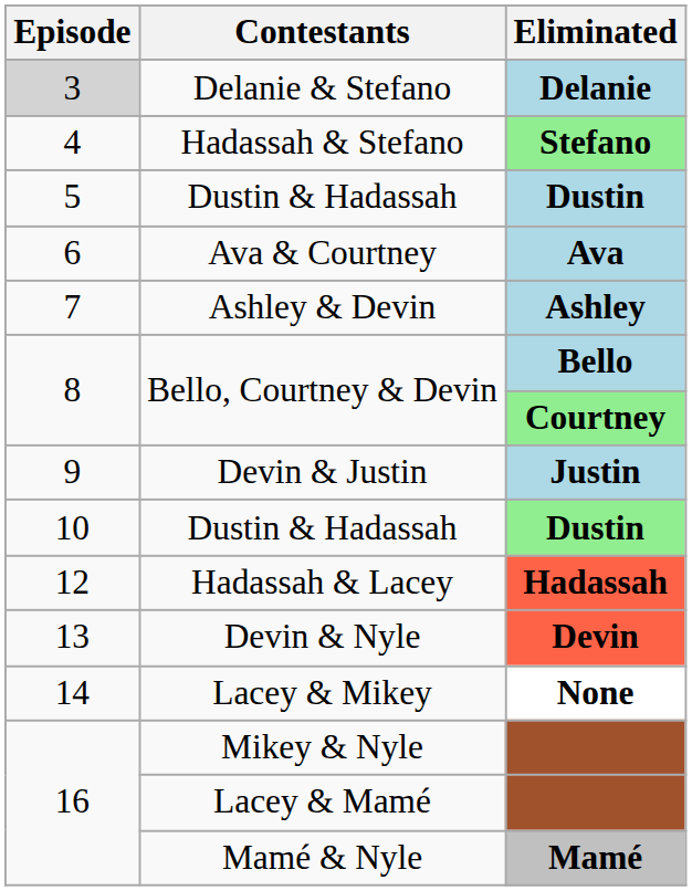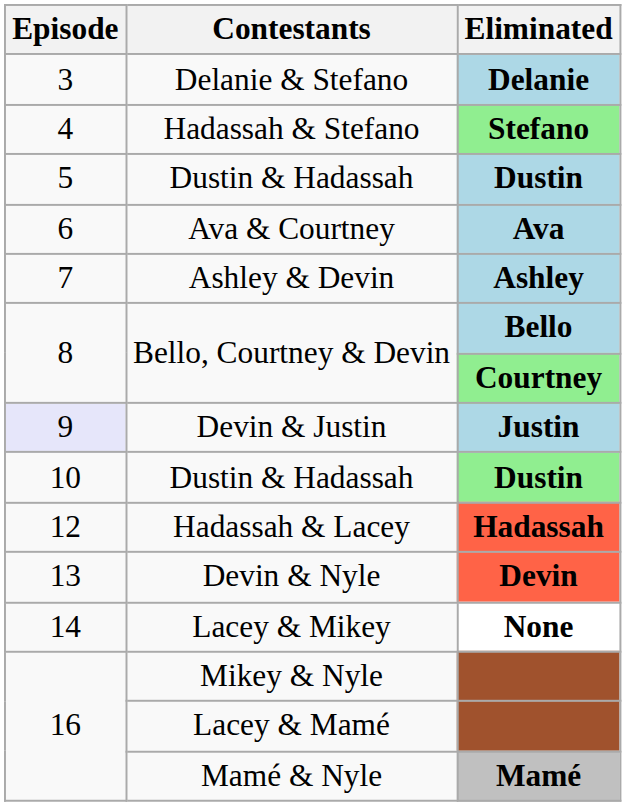 <table class="wikitable" border="2" style="text-align:center">
 <tr>
 <th>Episode</th>
 <th>Contestants</th>
 <th>Eliminated</th>
 </tr>
 <tr>
-<td style="background: lightgrey;">3</td>
+<td>3</td>
 <td>Delanie & Stefano</td>
 <td style="background:lightblue"><strong>Delanie</strong></td>
 </tr>
 <tr>
 <td>4</td>
 <td>Hadassah & Stefano</td>
 <td style="background:lightgreen"><strong>Stefano</strong></td>
 </tr>
 <tr>
 <td>5</td>
 <td>Dustin & Hadassah</td>
 <td style="background:lightblue"><strong>Dustin</strong></td>
 </tr>
 <tr>
 <td>6</td>
 <td>Ava & Courtney</td>
 <td style="background:lightblue"><strong>Ava</strong></td>
 </tr>
 <tr>
 <td>7</td>
 <td>Ashley & Devin</td>
 <td style="background:lightblue"><strong>Ashley</strong></td>
 </tr>
 <tr>
 <td rowspan="2">8</td>
 <td rowspan="2">Bello, Courtney & Devin</td>
 <td style="background:lightblue"><strong>Bello</strong></td>
 </tr>
 <tr>
 <td style="background:lightgreen"><strong>Courtney</strong></td>
 </tr>
 <tr>
-<td>9</td>
+<td style="background: lavender;">9</td>
 <td>Devin & Justin</td>
 <td style="background:lightblue"><strong>Justin</strong></td>
 </tr>
 <tr>
 <td>10</td>
 <td>Dustin & Hadassah</td>
 <td style="background:lightgreen"><strong>Dustin</strong></td>
 </tr>
 <tr>
 <td>12</td>
 <td>Hadassah & Lacey</td>
 <td style="background:tomato"><strong>Hadassah</strong></td>
 </tr>
 <tr>
 <td>13</td>
 <td>Devin & Nyle</td>
 <td style="background:tomato"><strong>Devin</strong></td>
 </tr>
 <tr>
 <td>14</td>
 <td>Lacey & Mikey</td>
 <td style="background:white"><strong>None</strong></td>
 </tr>
 <tr>
 <td rowspan="3">16</td>
 <td>Mikey & Nyle</td>
 <td style="background: sienna"></td>
 </tr>
 <tr>
 <td>Lacey & Mamé</td>
 <td style="background: sienna"></td>
 </tr>
 <tr>
 <td>Mamé & Nyle</td>
 <td style="background:silver"><strong>Mamé</strong></td>
 </tr>
 </table>
